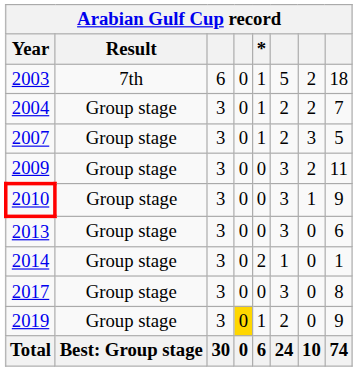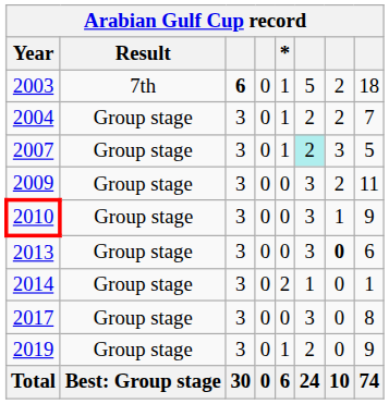 <table class="wikitable" style="text-align: center;">
 <tr>
 <th colspan=10><a href='#'>Arabian Gulf Cup</a> record</th>
 </tr>
 <tr>
 <th>Year</th>
 <th>Result</th>
 <th></th>
 <th></th>
 <th>*</th>
 <th></th>
 <th></th>
 <th></th>
 </tr>
 <tr>
 <td> <a href='#'>2003</a></td>
 <td>7th</td>
-<td>6</td>
+<td><strong>6</strong></td>
 <td>0</td>
 <td>1</td>
 <td>5</td>
 <td>2</td>
 <td>18</td>
 </tr>
 <tr>
 <td> <a href='#'>2004</a></td>
 <td>Group stage</td>
 <td>3</td>
 <td>0</td>
 <td>1</td>
 <td>2</td>
 <td>2</td>
 <td>7</td>
 </tr>
 <tr>
 <td> <a href='#'>2007</a></td>
 <td>Group stage</td>
 <td>3</td>
 <td>0</td>
 <td>1</td>
-<td>2</td>
+<td style="background: paleturquoise;">2</td>
 <td>3</td>
 <td>5</td>
 </tr>
 <tr>
 <td> <a href='#'>2009</a></td>
 <td>Group stage</td>
 <td>3</td>
 <td>0</td>
 <td>0</td>
 <td>3</td>
 <td>2</td>
 <td>11</td>
 </tr>
 <tr>
 <td style="border: 3px solid red"> <a href='#'>2010</a></td>
 <td>Group stage</td>
 <td>3</td>
 <td>0</td>
 <td>0</td>
 <td>3</td>
 <td>1</td>
 <td>9</td>
 </tr>
 <tr>
 <td> <a href='#'>2013</a></td>
 <td>Group stage</td>
 <td>3</td>
 <td>0</td>
 <td>0</td>
 <td>3</td>
-<td>0</td>
+<td><strong>0</strong></td>
 <td>6</td>
 </tr>
 <tr>
 <td> <a href='#'>2014</a></td>
 <td>Group stage</td>
 <td>3</td>
 <td>0</td>
 <td>2</td>
 <td>1</td>
 <td>0</td>
 <td>1</td>
 </tr>
 <tr>
 <td> <a href='#'>2017</a></td>
 <td>Group stage</td>
 <td>3</td>
 <td>0</td>
 <td>0</td>
 <td>3</td>
 <td>0</td>
 <td>8</td>
 </tr>
 <tr>
 <td> <a href='#'>2019</a></td>
 <td>Group stage</td>
 <td>3</td>
-<td style="background: gold;">0</td>
+<td>0</td>
 <td>1</td>
 <td>2</td>
 <td>0</td>
 <td>9</td>
 </tr>
 <tr>
 <th><strong>Total</strong></th>
 <th><strong>Best: Group stage</strong></th>
 <th><strong>30</strong></th>
 <th><strong>0</strong></th>
 <th><strong>6</strong></th>
 <th><strong>24</strong></th>
 <th><strong>10</strong></th>
 <th><strong>74</strong></th>
 </tr>
 </table>
